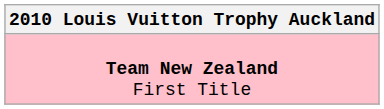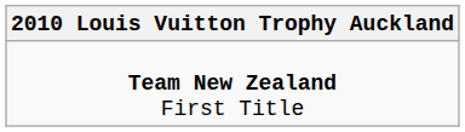 <table class="wikitable" style="text-align: center; margin: 0 auto;">
 <tr>
 <th>2010 Louis Vuitton Trophy Auckland</th>
 </tr>
 <tr>
-<td style="background: pink;"><br><strong>Team New Zealand</strong><br>First Title</td>
+<td><br><strong>Team New Zealand</strong><br>First Title</td>
 </tr>
 </table>
